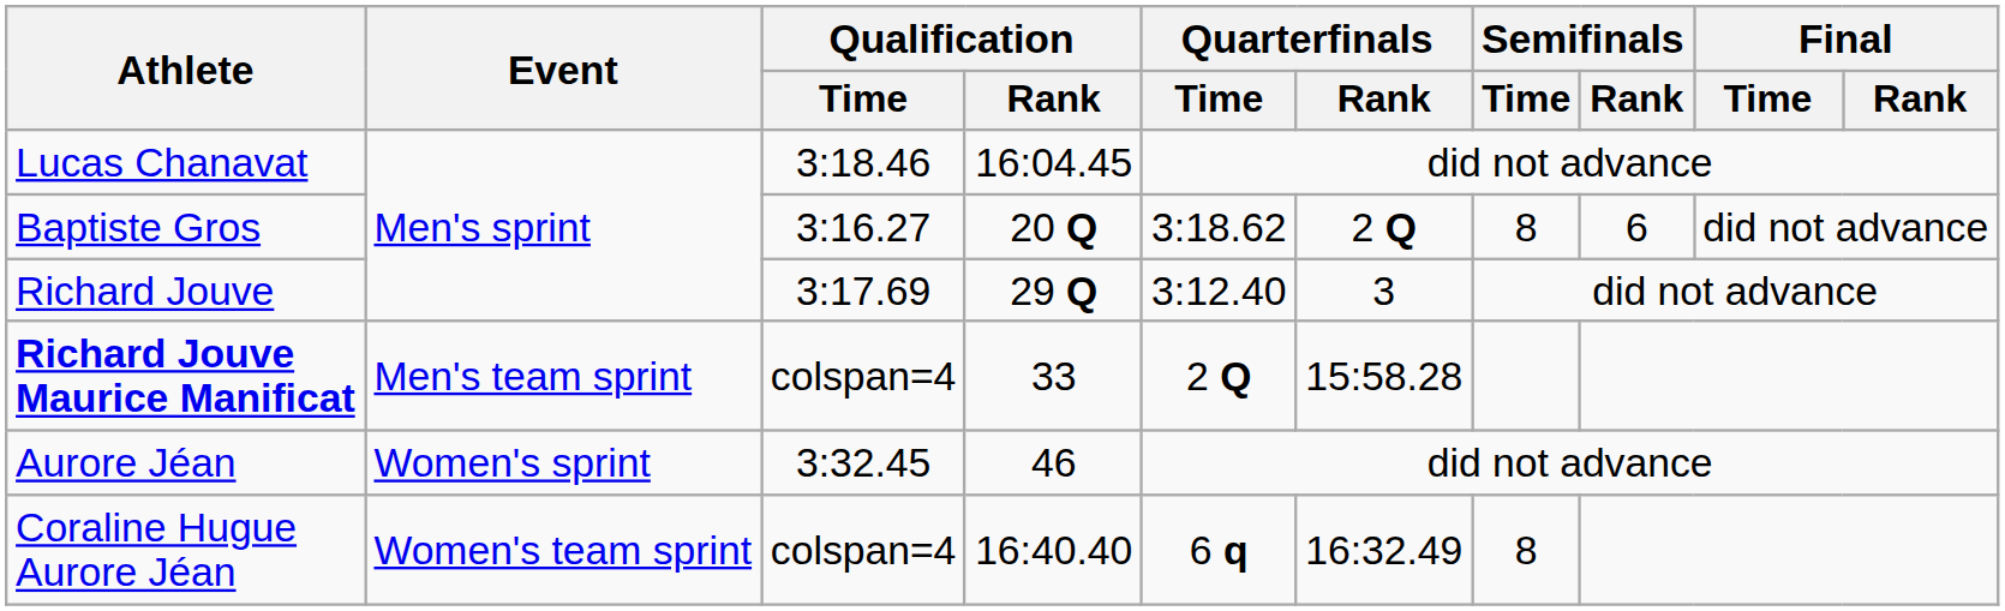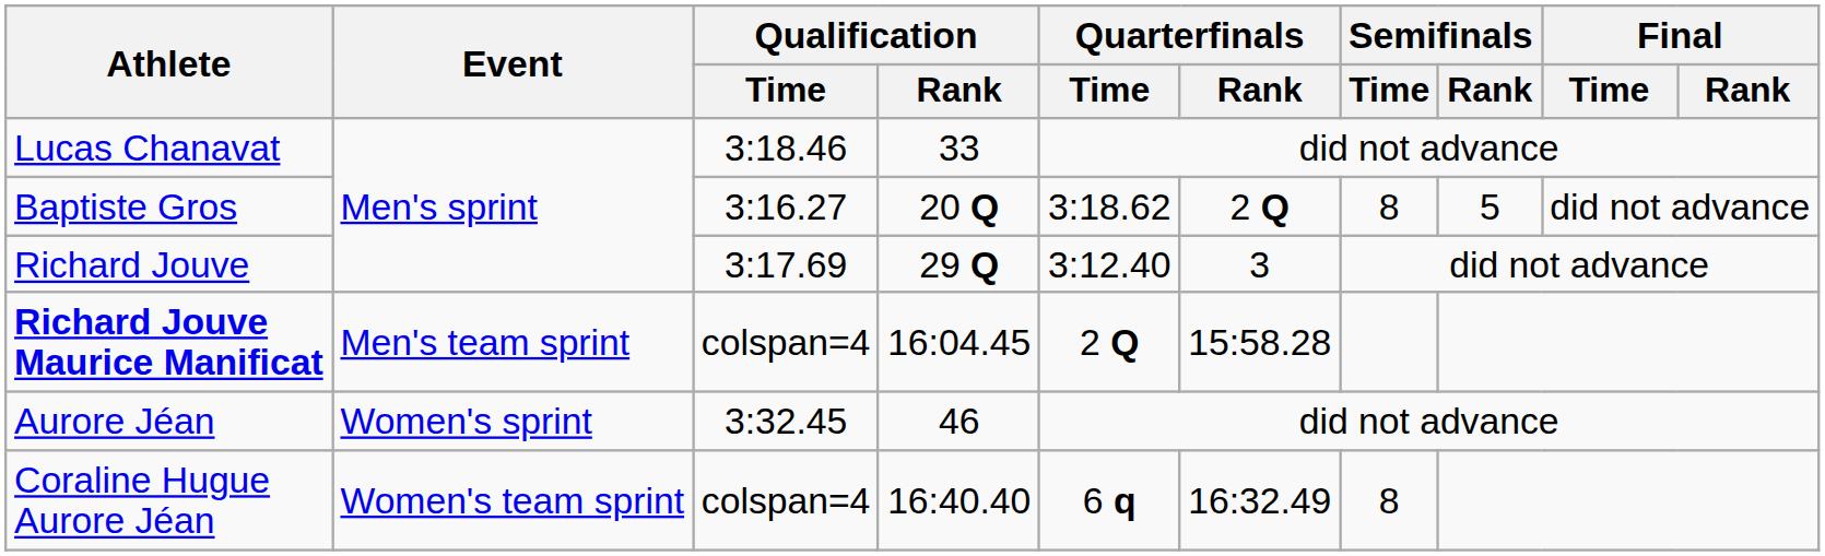 <table class="wikitable" style="font-size:90%">
 <tr>
 <th rowspan=2>Athlete</th>
 <th rowspan=2>Event</th>
 <th colspan=2>Qualification</th>
 <th colspan=2>Quarterfinals</th>
 <th colspan=2>Semifinals</th>
 <th colspan=2>Final</th>
 </tr>
 <tr style="font-size:95%">
 <th>Time</th>
 <th>Rank</th>
 <th>Time</th>
 <th>Rank</th>
 <th>Time</th>
 <th>Rank</th>
 <th>Time</th>
 <th>Rank</th>
 </tr>
 <tr align=center>
 <td align=left><a href='#'>Lucas Chanavat</a></td>
 <td align=left rowspan=3><a href='#'>Men's sprint</a></td>
 <td>3:18.46</td>
-<td>16:04.45</td>
+<td>33</td>
 <td colspan=6>did not advance</td>
 </tr>
 <tr align=center>
 <td align=left><a href='#'>Baptiste Gros</a></td>
 <td>3:16.27</td>
 <td>20 <strong>Q</strong></td>
 <td>3:18.62</td>
 <td>2 <strong>Q</strong></td>
 <td>8</td>
-<td>6</td>
+<td>5</td>
 <td colspan=2>did not advance</td>
 </tr>
 <tr align=center>
 <td align=left><a href='#'>Richard Jouve</a></td>
 <td>3:17.69</td>
 <td>29 <strong>Q</strong></td>
 <td>3:12.40</td>
 <td>3</td>
 <td colspan=4>did not advance</td>
 </tr>
 <tr align=center>
 <td align=left><strong><a href='#'>Richard Jouve</a><br><a href='#'>Maurice Manificat</a></strong></td>
 <td align=left><a href='#'>Men's team sprint</a></td>
 <td>colspan=4 </td>
-<td>33</td>
+<td>16:04.45</td>
 <td>2 <strong>Q</strong></td>
 <td>15:58.28</td>
 <td></td>
 </tr>
 <tr align=center>
 <td align=left><a href='#'>Aurore Jéan</a></td>
 <td align=left><a href='#'>Women's sprint</a></td>
 <td>3:32.45</td>
 <td>46</td>
 <td colspan=6>did not advance</td>
 </tr>
 <tr align=center>
 <td align=left><a href='#'>Coraline Hugue</a><br><a href='#'>Aurore Jéan</a></td>
 <td align=left><a href='#'>Women's team sprint</a></td>
 <td>colspan=4 </td>
 <td>16:40.40</td>
 <td>6 <strong>q</strong></td>
 <td>16:32.49</td>
 <td>8</td>
 </tr>
 </table>
